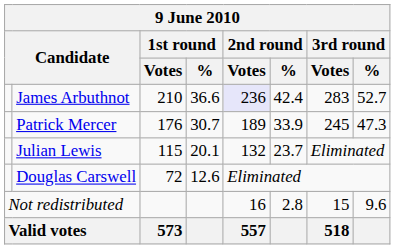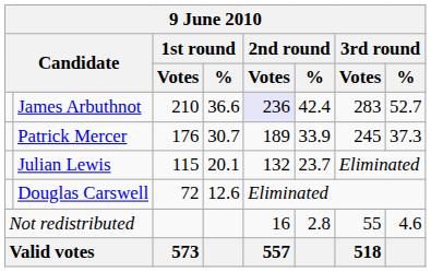 <table class="wikitable" style="min-width:250px;">
 <tr>
 <th colspan="8">9 June 2010</th>
 </tr>
 <tr>
 <th colspan="2" rowspan="2">Candidate</th>
 <th colspan="2">1st round</th>
 <th colspan="2">2nd round</th>
 <th colspan="2">3rd round</th>
 </tr>
 <tr>
 <th>Votes</th>
 <th>%</th>
 <th>Votes</th>
 <th>%</th>
 <th>Votes</th>
 <th>%</th>
 </tr>
 <tr>
 <td style="color:inherit;background-color: "></td>
 <td><a href='#'>James Arbuthnot</a></td>
 <td align="right">210</td>
 <td align="right">36.6</td>
 <td align="right" style="background: lavender;">236</td>
 <td align="right">42.4</td>
 <td align="right">283</td>
 <td align="right">52.7</td>
 </tr>
 <tr>
 <td style="color:inherit;background-color: "></td>
 <td><a href='#'>Patrick Mercer</a></td>
 <td align="right">176</td>
 <td align="right">30.7</td>
 <td align="right">189</td>
 <td align="right">33.9</td>
 <td align="right">245</td>
-<td align="right">47.3</td>
+<td align="right">37.3</td>
 </tr>
 <tr>
 <td style="color:inherit;background-color: "></td>
 <td><a href='#'>Julian Lewis</a></td>
 <td align="right">115</td>
 <td align="right">20.1</td>
 <td align="right">132</td>
 <td align="right">23.7</td>
 <td colspan="2"><em>Eliminated</em></td>
 </tr>
 <tr>
 <td style="color:inherit;background-color: "></td>
 <td><a href='#'>Douglas Carswell</a></td>
 <td align="right">72</td>
 <td align="right">12.6</td>
 <td colspan="4"><em>Eliminated</em></td>
 </tr>
 <tr>
 <td colspan="2"><em>Not redistributed</em></td>
 <td align="right"></td>
 <td align="right"></td>
 <td align="right">16</td>
 <td align="right">2.8</td>
-<td align="right">15</td>
-<td align="right">9.6</td>
+<td align="right">55</td>
+<td align="right">4.6</td>
 </tr>
 <tr>
 <th style="text-align:left;" colspan="2"><strong>Valid votes</strong></th>
 <th style="text-align:right;">573</th>
 <th style="text-align:right;"></th>
 <th style="text-align:right;">557</th>
 <th style="text-align:right;"></th>
 <th style="text-align:right;">518</th>
 <th style="text-align:right;"></th>
 </tr>
 </table>
